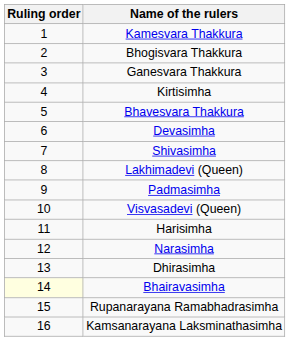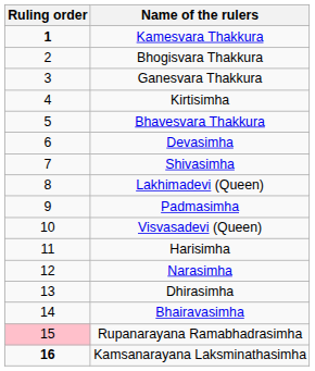 <table class="wikitable sortable" style="text-align: center;">
 <tr>
 <th>Ruling order</th>
 <th>Name of the rulers</th>
 </tr>
 <tr>
-<td>1</td>
+<td><strong>1</strong></td>
 <td><a href='#'>Kamesvara Thakkura</a></td>
 </tr>
 <tr>
 <td>2</td>
 <td>Bhogisvara Thakkura</td>
 </tr>
 <tr>
 <td>3</td>
 <td>Ganesvara Thakkura</td>
 </tr>
 <tr>
 <td>4</td>
 <td>Kirtisimha</td>
 </tr>
 <tr>
 <td>5</td>
 <td><a href='#'>Bhavesvara Thakkura</a></td>
 </tr>
 <tr>
 <td>6</td>
 <td><a href='#'>Devasimha</a></td>
 </tr>
 <tr>
 <td>7</td>
 <td><a href='#'>Shivasimha</a></td>
 </tr>
 <tr>
 <td>8</td>
 <td><a href='#'>Lakhimadevi</a> (Queen)</td>
 </tr>
 <tr>
 <td>9</td>
 <td><a href='#'>Padmasimha</a></td>
 </tr>
 <tr>
 <td>10</td>
 <td><a href='#'>Visvasadevi</a> (Queen)</td>
 </tr>
 <tr>
 <td>11</td>
 <td>Harisimha</td>
 </tr>
 <tr>
 <td>12</td>
 <td><a href='#'>Narasimha</a></td>
 </tr>
 <tr>
 <td>13</td>
 <td>Dhirasimha</td>
 </tr>
 <tr>
-<td style="background: lightyellow;">14</td>
+<td>14</td>
 <td><a href='#'>Bhairavasimha</a></td>
 </tr>
 <tr>
-<td>15</td>
+<td style="background: pink;">15</td>
 <td>Rupanarayana Ramabhadrasimha</td>
 </tr>
 <tr>
-<td>16</td>
+<td><strong>16</strong></td>
 <td>Kamsanarayana Laksminathasimha</td>
 </tr>
 </table>
